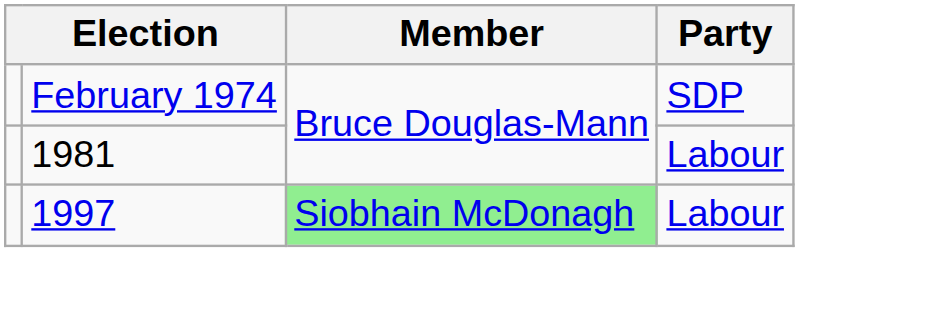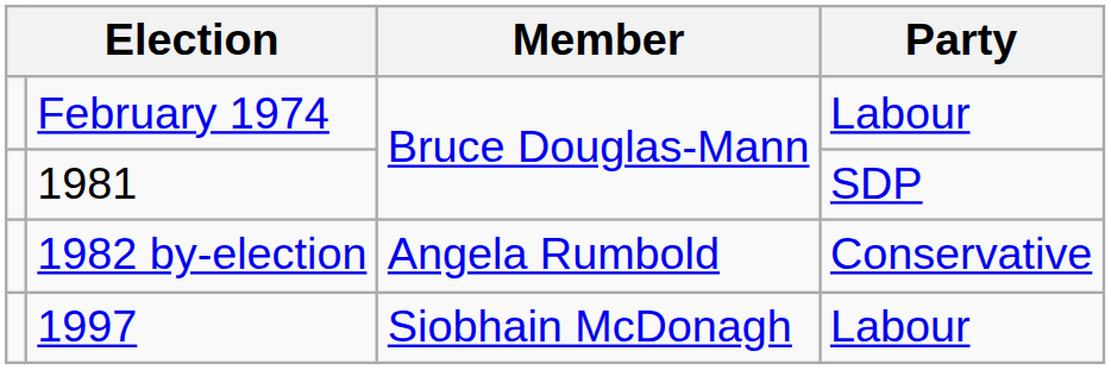 <table class="wikitable">
 <tr>
 <th colspan="2">Election</th>
 <th>Member</th>
 <th>Party</th>
 </tr>
 <tr>
 <td style="color:inherit;background-color: "></td>
 <td><a href='#'>February 1974</a></td>
 <td rowspan="2"><a href='#'>Bruce Douglas-Mann</a></td>
+<td><a href='#'>Labour</a></td>
+</tr>
+<tr>
+<td style="color:inherit;background-color: "></td>
+<td>1981</td>
 <td><a href='#'>SDP</a></td>
 </tr>
 <tr>
 <td style="color:inherit;background-color: "></td>
-<td>1981</td>
-<td><a href='#'>Labour</a></td>
+<td><a href='#'>1982 by-election</a></td>
+<td><a href='#'>Angela Rumbold</a></td>
+<td><a href='#'>Conservative</a></td>
 </tr>
 <tr>
 <td style="color:inherit;background-color: "></td>
 <td><a href='#'>1997</a></td>
-<td style="background: lightgreen;"><a href='#'>Siobhain McDonagh</a></td>
+<td><a href='#'>Siobhain McDonagh</a></td>
 <td><a href='#'>Labour</a></td>
 </tr>
 </table>
